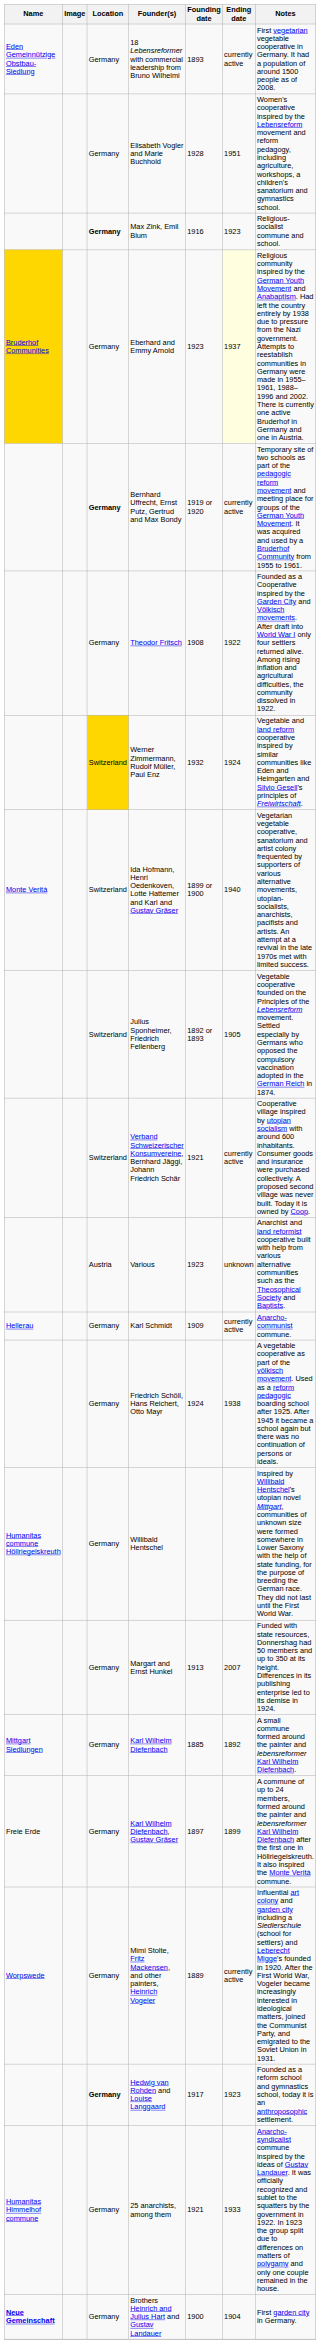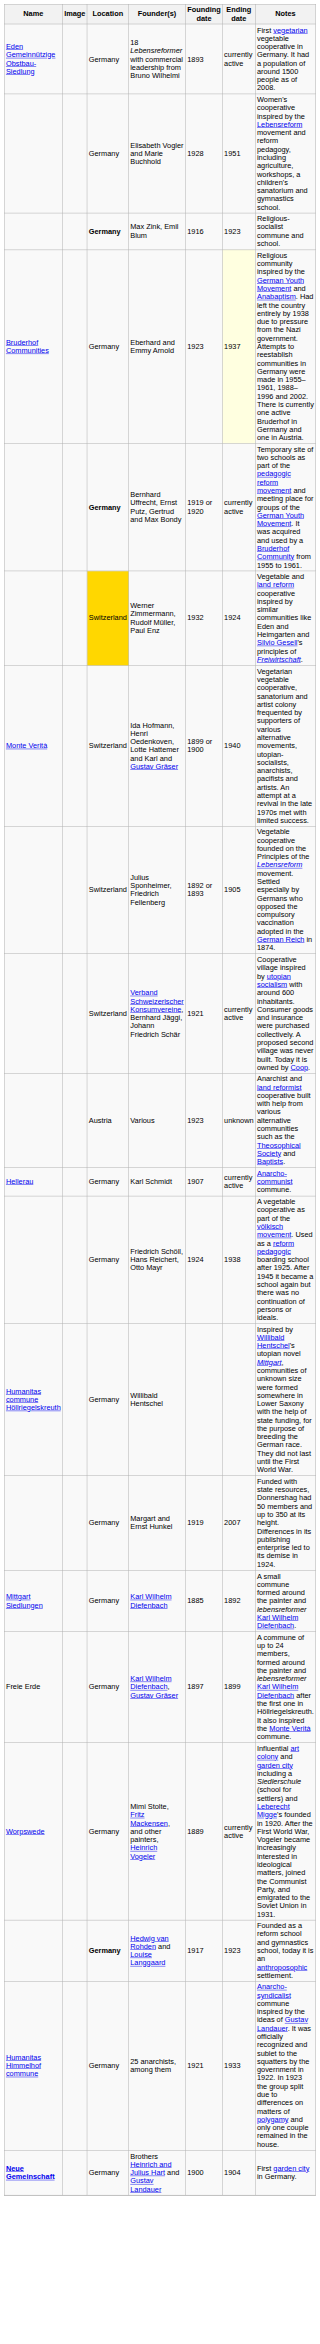 <table class="wikitable sortable" border="1">
 <tr>
 <th>Name</th>
 <th width="100" class="unsortable">Image</th>
 <th width="50">Location</th>
 <th class="unsortable" width=50>Founder(s)</th>
 <th width="50">Founding date</th>
 <th width="50">Ending date</th>
 <th class="unsortable">Notes</th>
 </tr>
 <tr>
 <td><a href='#'>Eden Gemeinnützige Obstbau-Siedlung</a></td>
 <td></td>
 <td>Germany</td>
 <td>18 <em>Lebensreformer</em> with commercial leadership from Bruno Wilhelmi</td>
 <td>1893</td>
 <td>currently active</td>
 <td>First <a href='#'>vegetarian</a> vegetable cooperative in Germany. It had a population of around 1500 people as of 2008.</td>
 </tr>
 <tr>
 <td></td>
 <td></td>
 <td>Germany</td>
 <td>Elisabeth Vogler and Marie Buchhold</td>
 <td>1928</td>
 <td>1951</td>
 <td>Women's cooperative inspired by the <a href='#'>Lebensreform</a> movement and reform pedagogy, including agriculture, workshops, a children's sanatorium and gymnastics school.</td>
 </tr>
 <tr>
 <td></td>
 <td></td>
 <td><strong>Germany</strong></td>
 <td>Max Zink, Emil Blum</td>
 <td>1916</td>
 <td>1923</td>
 <td>Religious-socialist commune and school.</td>
 </tr>
 <tr>
-<td style="background: gold;"><a href='#'>Bruderhof Communities</a></td>
+<td><a href='#'>Bruderhof Communities</a></td>
 <td></td>
 <td>Germany</td>
 <td>Eberhard and Emmy Arnold</td>
 <td>1923</td>
 <td style="background: lightyellow;">1937</td>
 <td>Religious community inspired by the <a href='#'>German Youth Movement</a> and <a href='#'>Anabaptism</a>. Had left the country entirely by 1938 due to pressure from the Nazi government. Attempts to reestablish communities in Germany were made in 1955–1961, 1988–1996 and 2002. There is currently one  active Bruderhof in Germany and one in Austria.</td>
 </tr>
 <tr>
 <td></td>
 <td></td>
 <td><strong>Germany</strong></td>
 <td>Bernhard Uffrecht, Ernst Putz, Gertrud and Max Bondy</td>
 <td>1919 or 1920</td>
 <td>currently active</td>
 <td>Temporary site of two schools as part of the <a href='#'>pedagogic reform movement</a> and meeting place for groups of the <a href='#'>German Youth Movement</a>. It was acquired and used by a <a href='#'>Bruderhof Community</a> from 1955 to 1961.</td>
-</tr>
-<tr>
-<td></td>
-<td></td>
-<td>Germany</td>
-<td><a href='#'>Theodor Fritsch</a></td>
-<td>1908</td>
-<td>1922</td>
-<td>Founded as a Cooperative inspired by the <a href='#'>Garden City</a> and <a href='#'>Völkisch movements</a>. After draft into <a href='#'>World War I</a> only four settlers returned alive. Among rising inflation and agricultural difficulties, the community dissolved in 1922.</td>
 </tr>
 <tr>
 <td></td>
 <td></td>
 <td style="background: gold;">Switzerland</td>
 <td>Werner Zimmermann, Rudolf Müller, Paul Enz</td>
 <td>1932</td>
 <td>1924</td>
 <td>Vegetable and <a href='#'>land reform</a> cooperative inspired by similar communities like Eden and Heimgarten and  <a href='#'>Silvio Gesell</a>'s principles of <em><a href='#'>Freiwirtschaft</a></em>.</td>
 </tr>
 <tr>
 <td><a href='#'>Monte Verità</a></td>
 <td></td>
 <td>Switzerland</td>
 <td>Ida Hofmann, Henri Oedenkoven,  Lotte Hattemer  and Karl and <a href='#'>Gustav Gräser</a></td>
 <td>1899 or 1900</td>
 <td>1940</td>
 <td>Vegetarian vegetable cooperative, sanatorium and artist colony frequented by supporters of various alternative movements, utopian-socialists, anarchists, pacifists and artists. An attempt at a revival in the late 1970s met with limited success.</td>
 </tr>
 <tr>
 <td></td>
 <td></td>
 <td>Switzerland</td>
 <td>Julius Sponheimer, Friedrich Fellenberg</td>
 <td>1892 or 1893</td>
 <td>1905</td>
 <td>Vegetable cooperative founded on the Principles of the <em><a href='#'>Lebensreform</a></em> movement. Settled especially by Germans who opposed the compulsory vaccination adopted in the <a href='#'>German Reich</a> in 1874.</td>
 </tr>
 <tr>
 <td></td>
 <td></td>
 <td>Switzerland</td>
 <td><a href='#'>Verband Schweizerischer Konsumvereine</a>,  Bernhard Jäggi, Johann Friedrich Schär</td>
 <td>1921</td>
 <td>currently active</td>
 <td>Cooperative village inspired by <a href='#'>utopian socialism</a> with around 600 inhabitants. Consumer goods and insurance were purchased collectively. A proposed second village was never built. Today it is owned by <a href='#'>Coop</a>.</td>
 </tr>
 <tr>
 <td></td>
 <td></td>
 <td>Austria</td>
 <td>Various</td>
 <td>1923</td>
 <td>unknown</td>
 <td>Anarchist and <a href='#'>land reformist</a> cooperative built with help from various alternative communities such as the <a href='#'>Theosophical Society</a> and <a href='#'>Baptists</a>.</td>
 </tr>
 <tr>
 <td><a href='#'>Hellerau</a></td>
 <td></td>
 <td>Germany</td>
 <td>Karl Schmidt</td>
-<td>1909</td>
+<td>1907</td>
 <td>currently active</td>
 <td><a href='#'>Anarcho-communist</a> commune.</td>
 </tr>
 <tr>
 <td></td>
 <td></td>
 <td>Germany</td>
 <td>Friedrich Schöll, Hans Reichert, Otto Mayr</td>
 <td>1924</td>
 <td>1938</td>
 <td>A vegetable cooperative as part of the <a href='#'>völkisch movement</a>. Used as a <a href='#'>reform pedagogic</a> boarding school after 1925. After 1945 it became a school again but there was no continuation of persons or ideals.</td>
 </tr>
 <tr>
 <td><a href='#'>Humanitas commune Höllriegelskreuth</a></td>
 <td></td>
 <td>Germany</td>
 <td>Willibald Hentschel</td>
 <td></td>
 <td></td>
 <td>Inspired by <a href='#'>Willibald Hentschel</a>'s utopian novel <em><a href='#'>Mittgart</a></em>, communities of unknown size were formed somewhere in Lower Saxony with the help of state funding, for the purpose of breeding the German race. They did not last until the First World War.</td>
 </tr>
 <tr>
 <td></td>
 <td></td>
 <td>Germany</td>
 <td>Margart and Ernst Hunkel</td>
-<td>1913</td>
+<td>1919</td>
 <td>2007</td>
 <td>Funded with state resources, Donnershag had 50 members and up to 350 at its height.  Differences in its publishing enterprise led to its demise in 1924. </td>
 </tr>
 <tr>
 <td><a href='#'>Mittgart Siedlungen</a></td>
 <td></td>
 <td>Germany</td>
 <td><a href='#'>Karl Wilhelm Diefenbach</a></td>
 <td>1885</td>
 <td>1892</td>
 <td>A small commune formed around the  painter and <em>lebensreformer</em> <a href='#'>Karl Wilhelm Diefenbach</a>.</td>
 </tr>
 <tr>
 <td>Freie Erde</td>
 <td></td>
 <td>Germany</td>
 <td><a href='#'>Karl Wilhelm Diefenbach</a>, <a href='#'>Gustav Gräser</a></td>
 <td>1897</td>
 <td>1899</td>
 <td>A commune of up to 24 members, formed around the  painter and <em>lebensreformer </em><a href='#'>Karl Wilhelm Diefenbach</a> after the first one in Höllriegelskreuth. It also inspired the <a href='#'>Monte Verità</a> commune.</td>
 </tr>
 <tr>
 <td><a href='#'>Worpswede</a></td>
 <td></td>
 <td>Germany</td>
 <td>Mimi Stolte, <a href='#'>Fritz Mackensen</a>, and other painters, <a href='#'>Heinrich Vogeler</a></td>
 <td>1889</td>
 <td>currently active</td>
 <td>Influential <a href='#'>art colony</a> and <a href='#'>garden city</a> including a  <em>Siedlerschule</em> (school for settlers) and <a href='#'>Leberecht Migge</a>'s  founded in 1920. After the First World War, Vogeler became increasingly interested in ideological matters, joined the Communist Party, and emigrated to the Soviet Union in 1931.</td>
 </tr>
 <tr>
 <td></td>
 <td></td>
 <td><strong>Germany</strong></td>
 <td><a href='#'>Hedwig van Rohden</a> and <a href='#'>Louise Langgaard</a></td>
 <td>1917</td>
 <td>1923</td>
 <td>Founded as a reform school and gymnastics school, today it is an <a href='#'>anthroposophic</a> settlement.</td>
 </tr>
 <tr>
 <td><a href='#'>Humanitas Himmelhof commune</a></td>
 <td></td>
 <td>Germany</td>
 <td>25 anarchists, among them </td>
 <td>1921</td>
 <td>1933</td>
 <td><a href='#'>Anarcho-syndicalist</a> commune inspired by the ideas of <a href='#'>Gustav Landauer</a>. It was officially recognized and sublet to the squatters by the government in 1922. In 1923 the group split due to differences on matters of <a href='#'>polygamy</a> and only one couple remained in the house.</td>
 </tr>
 <tr>
 <td><strong><a href='#'>Neue Gemeinschaft</a></strong></td>
 <td></td>
 <td>Germany</td>
 <td>Brothers <a href='#'>Heinrich and Julius Hart</a> and <a href='#'>Gustav Landauer</a></td>
 <td>1900</td>
 <td>1904</td>
 <td>First <a href='#'>garden city</a> in Germany.</td>
 </tr>
 <tr>
 </tr>
 </table>
